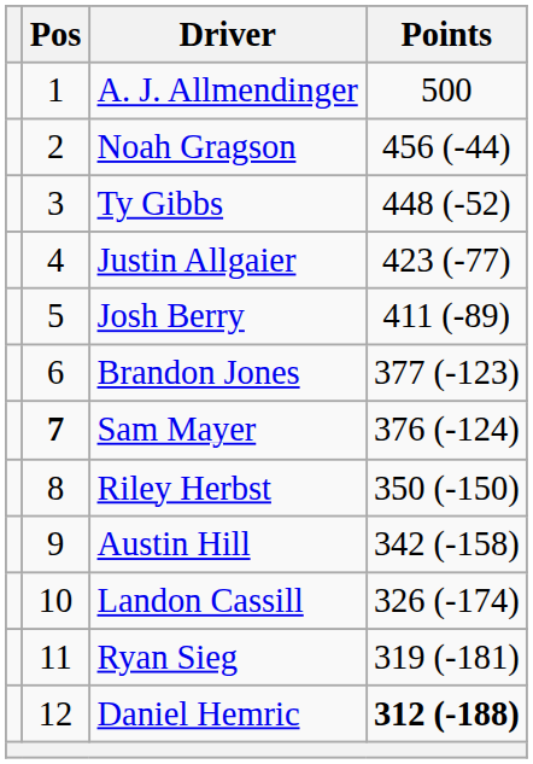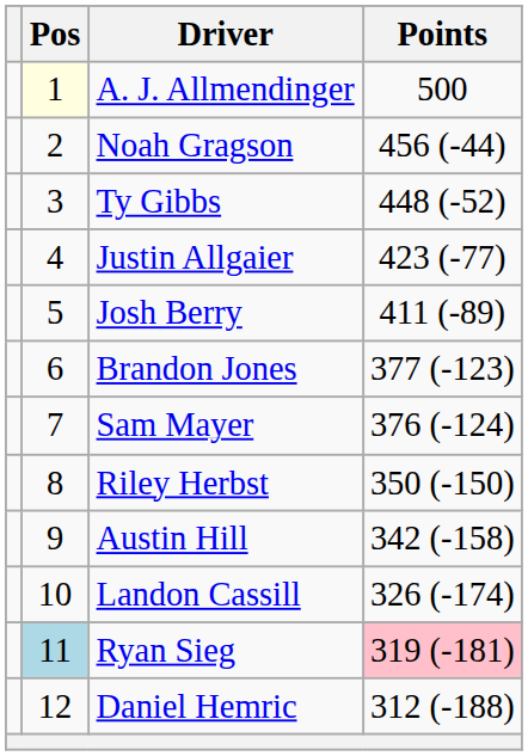 <table class="wikitable" style="font-size: 95%">
 <tr>
 <th></th>
 <th>Pos</th>
 <th>Driver</th>
 <th>Points</th>
 </tr>
 <tr>
 <td align="left"></td>
-<td style="text-align:center;">1</td>
+<td style="background: lightyellow; text-align:center;">1</td>
 <td><a href='#'>A. J. Allmendinger</a></td>
 <td style="text-align:center;">500</td>
 </tr>
 <tr>
 <td align="left"></td>
 <td style="text-align:center;">2</td>
 <td><a href='#'>Noah Gragson</a></td>
 <td style="text-align:center;">456 (-44)</td>
 </tr>
 <tr>
 <td align="left"></td>
 <td style="text-align:center;">3</td>
 <td><a href='#'>Ty Gibbs</a></td>
 <td style="text-align:center;">448 (-52)</td>
 </tr>
 <tr>
 <td align="left"></td>
 <td style="text-align:center;">4</td>
 <td><a href='#'>Justin Allgaier</a></td>
 <td style="text-align:center;">423 (-77)</td>
 </tr>
 <tr>
 <td align="left"></td>
 <td style="text-align:center;">5</td>
 <td><a href='#'>Josh Berry</a></td>
 <td style="text-align:center;">411 (-89)</td>
 </tr>
 <tr>
 <td align="left"></td>
 <td style="text-align:center;">6</td>
 <td><a href='#'>Brandon Jones</a></td>
 <td style="text-align:center;">377 (-123)</td>
 </tr>
 <tr>
 <td align="left"></td>
-<td style="text-align:center;"><strong>7</strong></td>
+<td style="text-align:center;">7</td>
 <td><a href='#'>Sam Mayer</a></td>
 <td style="text-align:center;">376 (-124)</td>
 </tr>
 <tr>
 <td align="left"></td>
 <td style="text-align:center;">8</td>
 <td><a href='#'>Riley Herbst</a></td>
 <td style="text-align:center;">350 (-150)</td>
 </tr>
 <tr>
 <td align="left"></td>
 <td style="text-align:center;">9</td>
 <td><a href='#'>Austin Hill</a></td>
 <td style="text-align:center;">342 (-158)</td>
 </tr>
 <tr>
 <td align="left"></td>
 <td style="text-align:center;">10</td>
 <td><a href='#'>Landon Cassill</a></td>
 <td style="text-align:center;">326 (-174)</td>
 </tr>
 <tr>
 <td align="left"></td>
-<td style="text-align:center;">11</td>
+<td style="background: lightblue; text-align:center;">11</td>
 <td><a href='#'>Ryan Sieg</a></td>
-<td style="text-align:center;">319 (-181)</td>
+<td style="background: pink; text-align:center;">319 (-181)</td>
 </tr>
 <tr>
 <td align="left"></td>
 <td style="text-align:center;">12</td>
 <td><a href='#'>Daniel Hemric</a></td>
-<td style="text-align:center;"><strong>312 (-188)</strong></td>
+<td style="text-align:center;">312 (-188)</td>
 </tr>
 <tr class="sortbottom">
 <th colspan="9"></th>
 </tr>
 </table>
